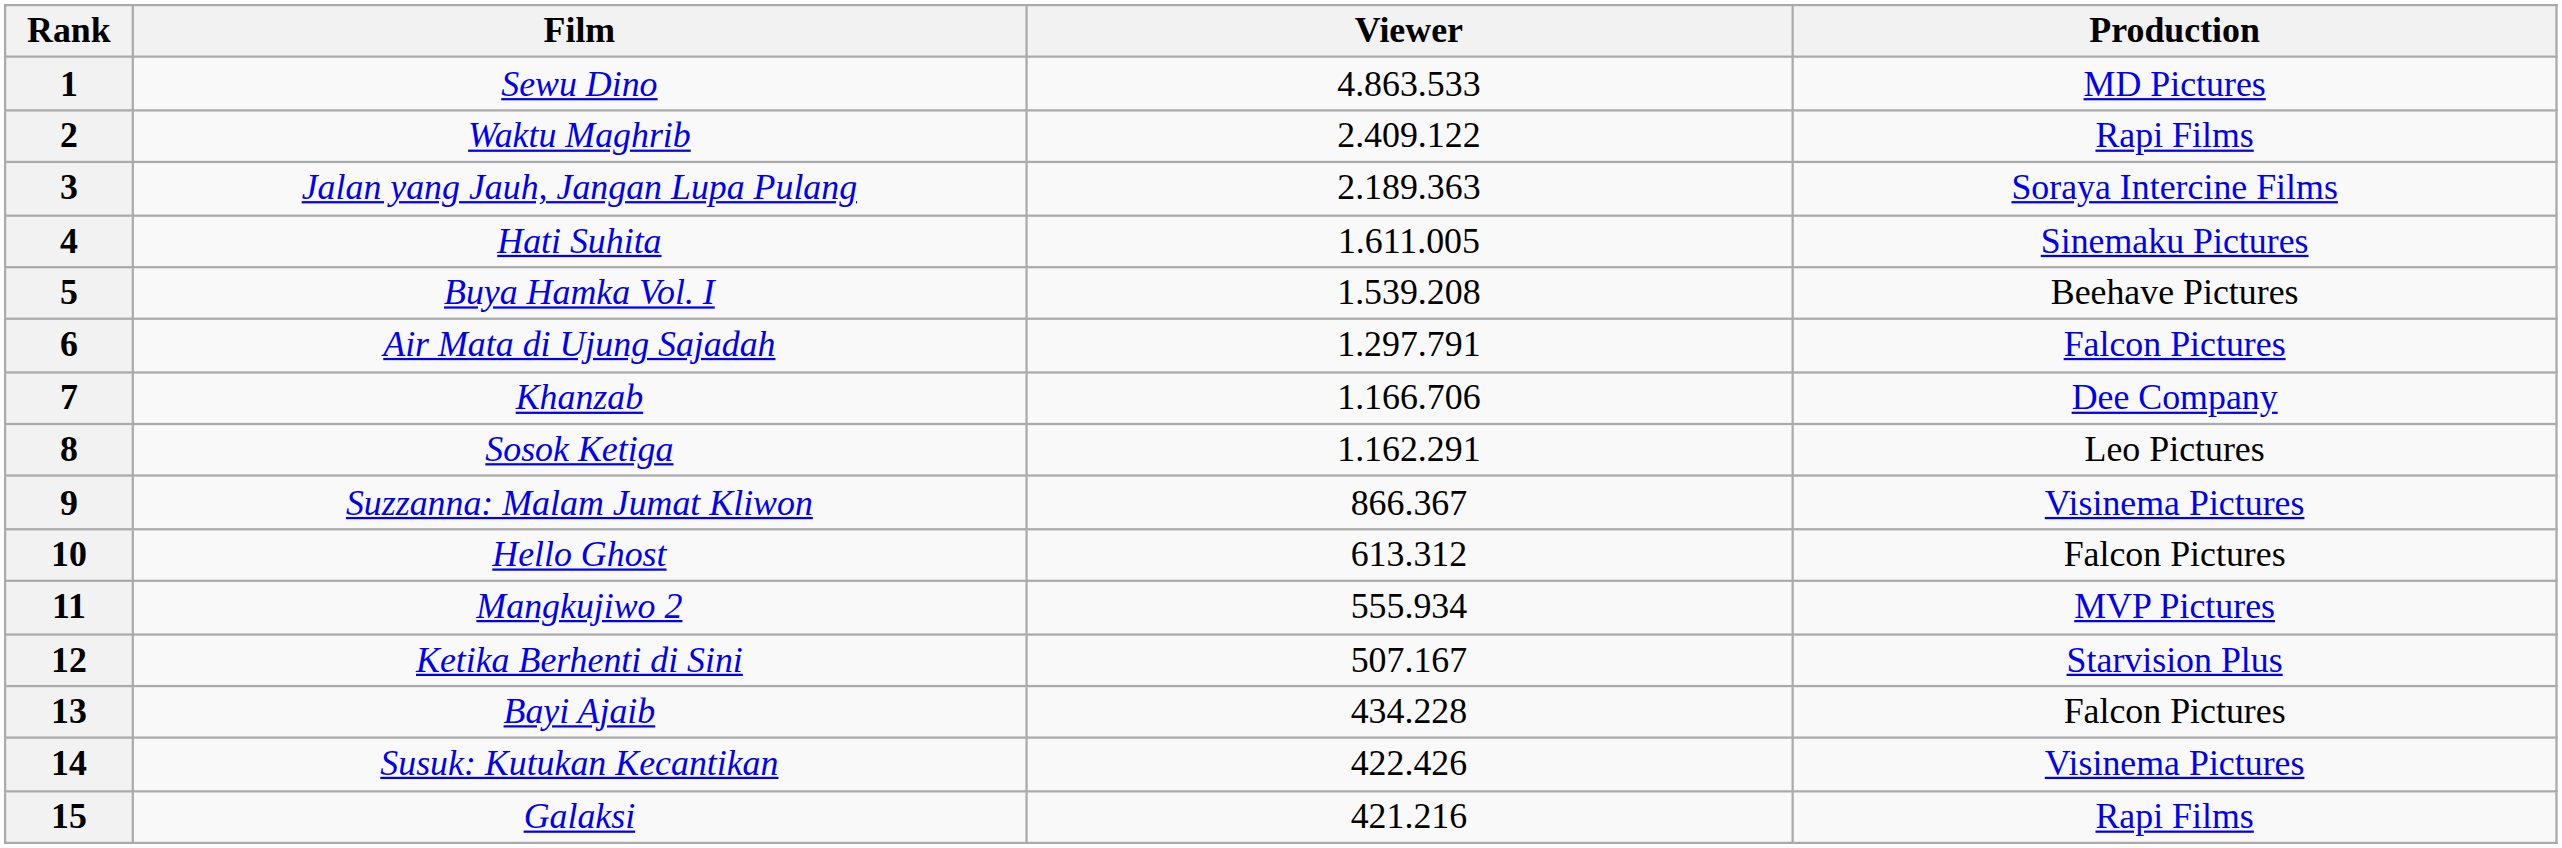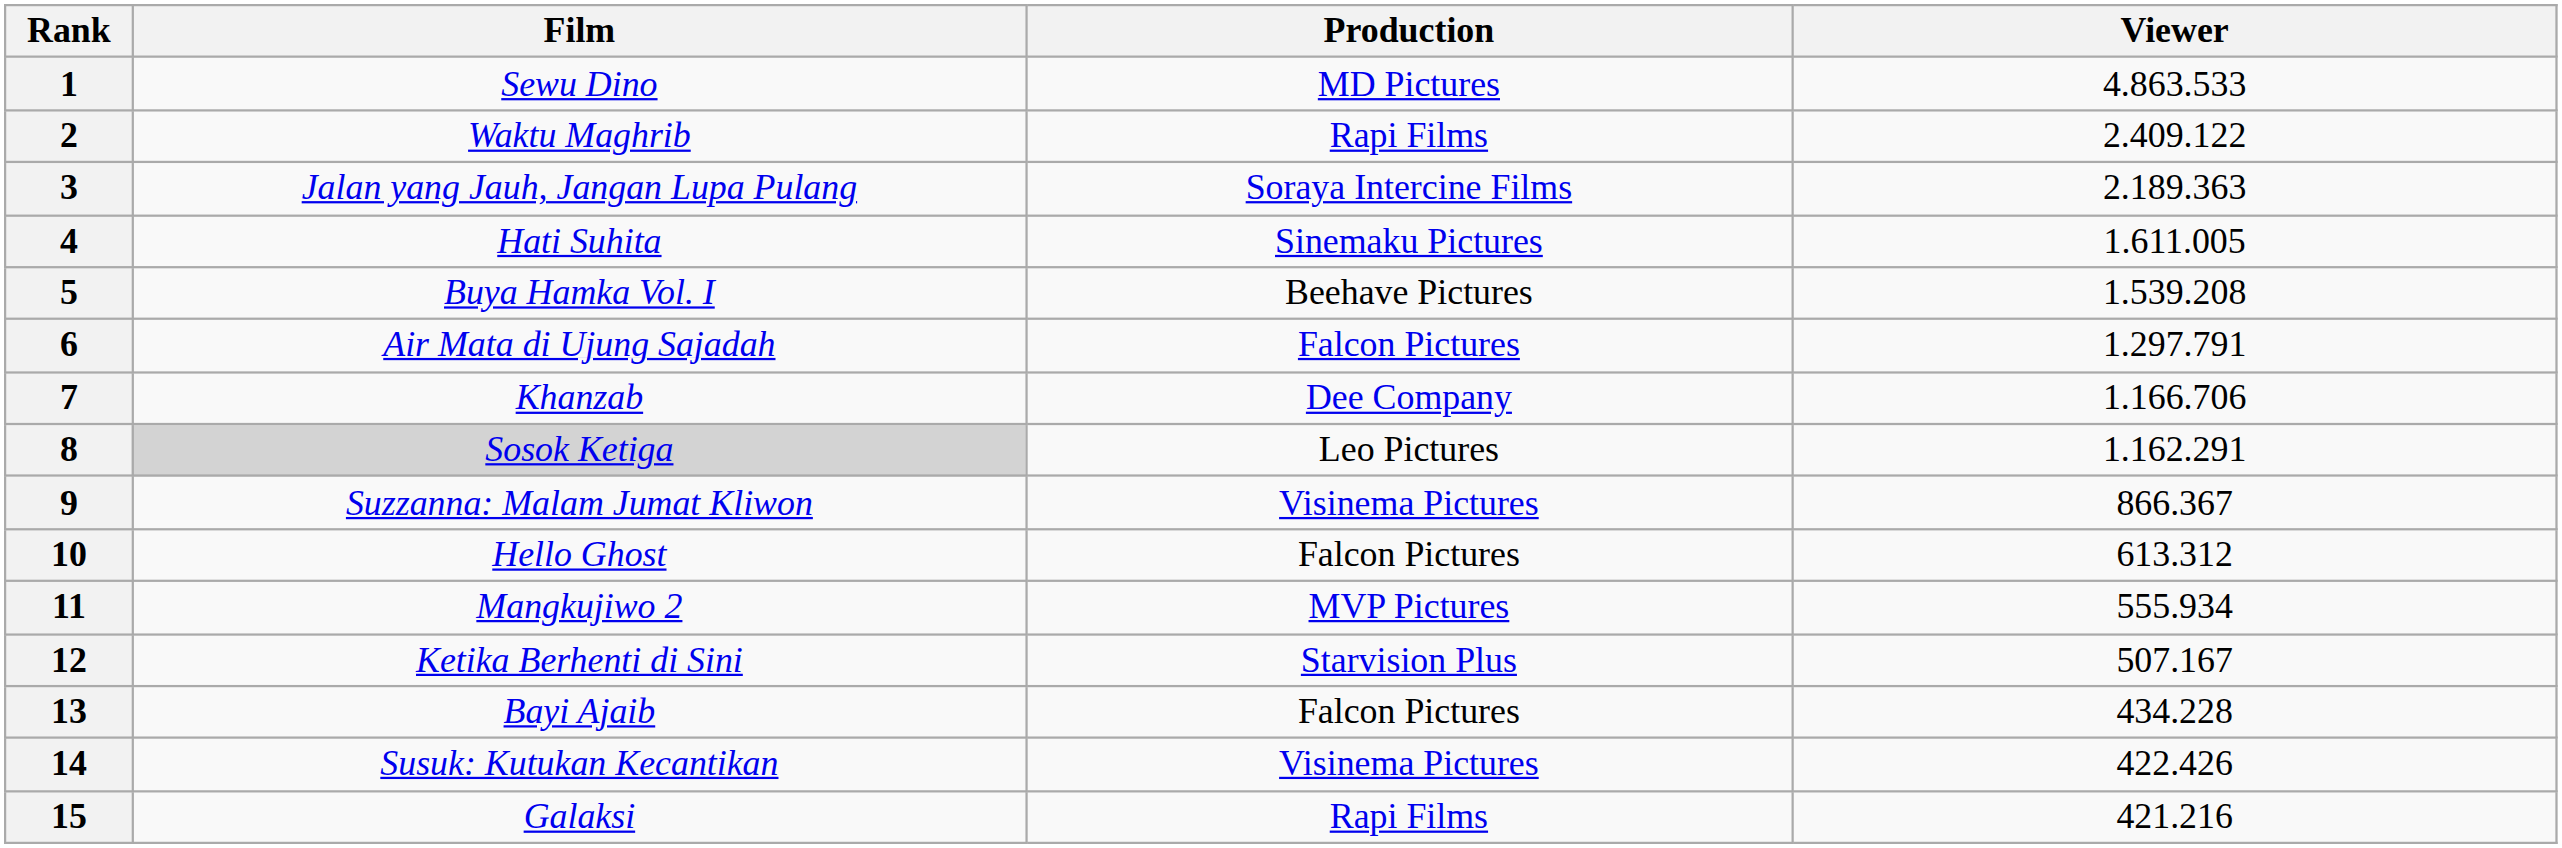 <table class="wikitable" style="text-align:left; font-size:100%; line-height:16px;" width="72%">
 <tr>
 <th style="width:05%;">Rank</th>
 <th style="width:35%;">Film</th>
+<th style="width:30%;">Production</th>
 <th style="width:30%;">Viewer</th>
-<th style="width:30%;">Production</th>
 </tr>
 <tr style="text-align:center;">
 <th style="text-align:center;">1</th>
 <td><em><a href='#'>Sewu Dino</a></em></td>
+<td><a href='#'>MD Pictures</a></td>
 <td>4.863.533</td>
-<td><a href='#'>MD Pictures</a></td>
 </tr>
 <tr style="text-align:center;">
 <th style="text-align:center;">2</th>
 <td><em><a href='#'>Waktu Maghrib</a></em></td>
+<td><a href='#'>Rapi Films</a></td>
 <td>2.409.122</td>
-<td><a href='#'>Rapi Films</a></td>
 </tr>
 <tr style="text-align:center;">
 <th style="text-align:center;">3</th>
 <td><em><a href='#'>Jalan yang Jauh, Jangan Lupa Pulang</a></em></td>
+<td><a href='#'>Soraya Intercine Films</a></td>
 <td>2.189.363</td>
-<td><a href='#'>Soraya Intercine Films</a></td>
 </tr>
 <tr style="text-align:center;">
 <th style="text-align:center;">4</th>
 <td><em><a href='#'>Hati Suhita</a></em></td>
+<td><a href='#'>Sinemaku Pictures</a></td>
 <td>1.611.005</td>
-<td><a href='#'>Sinemaku Pictures</a></td>
 </tr>
 <tr style="text-align:center;">
 <th style="text-align:center;">5</th>
 <td><em><a href='#'>Buya Hamka Vol. I</a></em></td>
+<td>Beehave Pictures</td>
 <td>1.539.208</td>
-<td>Beehave Pictures</td>
 </tr>
 <tr style="text-align:center;">
 <th style="text-align:center;">6</th>
 <td><em><a href='#'>Air Mata di Ujung Sajadah</a></em></td>
+<td><a href='#'>Falcon Pictures</a></td>
 <td>1.297.791</td>
-<td><a href='#'>Falcon Pictures</a></td>
 </tr>
 <tr style="text-align:center;">
 <th style="text-align:center;">7</th>
 <td><em><a href='#'>Khanzab</a></em></td>
+<td><a href='#'>Dee Company</a></td>
 <td>1.166.706</td>
-<td><a href='#'>Dee Company</a></td>
 </tr>
 <tr style="text-align:center;">
 <th style="text-align:center;">8</th>
-<td><em><a href='#'>Sosok Ketiga</a></em></td>
+<td style="background: lightgrey;"><em><a href='#'>Sosok Ketiga</a></em></td>
+<td>Leo Pictures</td>
 <td>1.162.291</td>
-<td>Leo Pictures</td>
 </tr>
 <tr style="text-align:center;">
 <th style="text-align:center;">9</th>
 <td><em><a href='#'>Suzzanna: Malam Jumat Kliwon</a></em></td>
+<td><a href='#'>Visinema Pictures</a></td>
 <td>866.367</td>
-<td><a href='#'>Visinema Pictures</a></td>
 </tr>
 <tr style="text-align:center;">
 <th style="text-align:center;">10</th>
 <td><em><a href='#'>Hello Ghost</a></em></td>
+<td>Falcon Pictures</td>
 <td>613.312</td>
-<td>Falcon Pictures</td>
 </tr>
 <tr style="text-align:center;">
 <th style="text-align:center;">11</th>
 <td><em><a href='#'>Mangkujiwo 2</a></em></td>
+<td><a href='#'>MVP Pictures</a></td>
 <td>555.934</td>
-<td><a href='#'>MVP Pictures</a></td>
 </tr>
 <tr style="text-align:center;">
 <th style="text-align:center;">12</th>
 <td><em><a href='#'>Ketika Berhenti di Sini</a></em></td>
+<td><a href='#'>Starvision Plus</a></td>
 <td>507.167</td>
-<td><a href='#'>Starvision Plus</a></td>
 </tr>
 <tr style="text-align:center;">
 <th style="text-align:center;">13</th>
 <td><em><a href='#'>Bayi Ajaib</a></em></td>
+<td>Falcon Pictures</td>
 <td>434.228</td>
-<td>Falcon Pictures</td>
 </tr>
 <tr style="text-align:center;">
 <th style="text-align:center;">14</th>
 <td><em><a href='#'>Susuk: Kutukan Kecantikan</a></em></td>
+<td><a href='#'>Visinema Pictures</a></td>
 <td>422.426</td>
-<td><a href='#'>Visinema Pictures</a></td>
 </tr>
 <tr style="text-align:center;">
 <th style="text-align:center;">15</th>
 <td><em><a href='#'> Galaksi</a></em></td>
+<td><a href='#'>Rapi Films</a></td>
 <td>421.216</td>
-<td><a href='#'>Rapi Films</a></td>
 </tr>
 </table>
